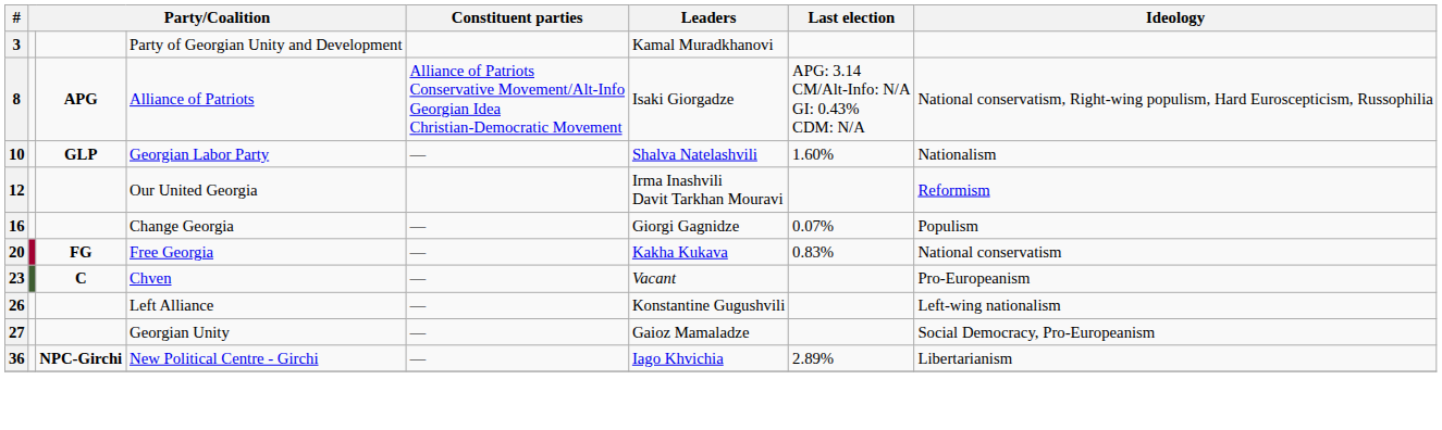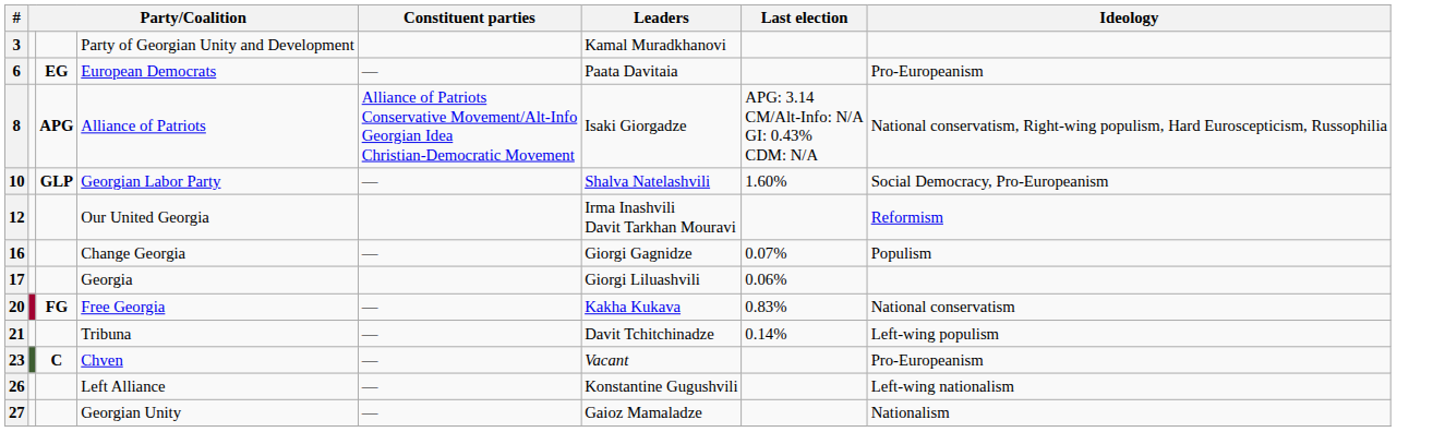 <table class="wikitable mw-datatable sticky-header" style="font-size:95%;">
 <tr>
 <th>#</th>
 <th colspan="3">Party/Coalition</th>
 <th>Constituent parties</th>
 <th>Leaders</th>
 <th>Last election</th>
 <th>Ideology</th>
 </tr>
 <tr>
 <th>3</th>
 <td></td>
 <td></td>
 <td>Party of Georgian Unity and Development</td>
 <td></td>
 <td>Kamal Muradkhanovi</td>
 <td></td>
 <td></td>
 </tr>
 <tr>
+<th>6</th>
+<td style="background:"></td>
+<td style="text-align:center;"><strong>EG</strong></td>
+<td><a href='#'>European Democrats</a></td>
+<td>—</td>
+<td>Paata Davitaia</td>
+<td></td>
+<td>Pro-Europeanism</td>
+</tr>
+<tr>
 <th>8</th>
 <td style="background:"></td>
 <td style="text-align:center;"><strong>APG</strong></td>
 <td><a href='#'>Alliance of Patriots</a></td>
 <td><a href='#'>Alliance of Patriots</a><br><a href='#'>Conservative Movement/Alt-Info</a><br><a href='#'>Georgian Idea</a><br><a href='#'>Christian-Democratic Movement</a></td>
 <td>Isaki Giorgadze</td>
 <td>APG: 3.14<br>CM/Alt-Info: N/A<br>GI: 0.43%<br>CDM: N/A</td>
 <td>National conservatism, Right-wing populism, Hard Euroscepticism, Russophilia</td>
 </tr>
 <tr>
 <th>10</th>
 <td style="background:"></td>
 <td style="text-align:center;"><strong>GLP</strong></td>
 <td><a href='#'>Georgian Labor Party</a></td>
 <td>—</td>
 <td><a href='#'>Shalva Natelashvili</a></td>
 <td>1.60%</td>
-<td>Nationalism</td>
+<td>Social Democracy, Pro-Europeanism</td>
 </tr>
 <tr>
 <th>12</th>
 <td></td>
 <td></td>
 <td>Our United Georgia</td>
 <td></td>
 <td>Irma Inashvili<br>Davit Tarkhan Mouravi</td>
 <td></td>
 <td><a href='#'>Reformism</a></td>
 </tr>
 <tr>
 <th>16</th>
 <td></td>
 <td></td>
 <td>Change Georgia</td>
 <td>—</td>
 <td>Giorgi Gagnidze</td>
 <td>0.07%</td>
 <td>Populism</td>
 </tr>
 <tr>
+<th>17</th>
+<td></td>
+<td></td>
+<td>Georgia</td>
+<td></td>
+<td>Giorgi Liluashvili</td>
+<td>0.06%</td>
+<td></td>
+</tr>
+<tr>
 <th>20</th>
 <td style="background:#a20031;"></td>
 <td style="text-align:center;"><strong>FG</strong></td>
 <td><a href='#'>Free Georgia</a></td>
 <td>—</td>
 <td><a href='#'>Kakha Kukava</a></td>
 <td>0.83%</td>
 <td>National conservatism</td>
+</tr>
+<tr>
+<th>21</th>
+<td></td>
+<td></td>
+<td>Tribuna</td>
+<td>—</td>
+<td>Davit Tchitchinadze</td>
+<td>0.14%</td>
+<td>Left-wing populism</td>
 </tr>
 <tr>
 <th>23</th>
 <td style="background:#3e5d31;"></td>
 <td style="text-align:center;"><strong>C</strong></td>
 <td><a href='#'>Chven</a></td>
 <td>—</td>
 <td><em>Vacant</em></td>
 <td></td>
 <td>Pro-Europeanism</td>
 </tr>
 <tr>
 <th>26</th>
 <td></td>
 <td></td>
 <td>Left Alliance</td>
 <td>—</td>
 <td>Konstantine Gugushvili</td>
 <td></td>
 <td>Left-wing nationalism</td>
 </tr>
 <tr>
 <th>27</th>
 <td></td>
 <td></td>
 <td>Georgian Unity</td>
 <td>—</td>
 <td>Gaioz Mamaladze</td>
 <td></td>
-<td>Social Democracy, Pro-Europeanism</td>
-</tr>
-<tr>
-<th>36</th>
-<td style="background:"></td>
-<td style="text-align:center;"><strong>NPC-Girchi</strong></td>
-<td><a href='#'>New Political Centre - Girchi</a></td>
-<td>—</td>
-<td><a href='#'>Iago Khvichia</a></td>
-<td>2.89%</td>
-<td>Libertarianism</td>
+<td>Nationalism</td>
 </tr>
 <tr>
 </tr>
 </table>
